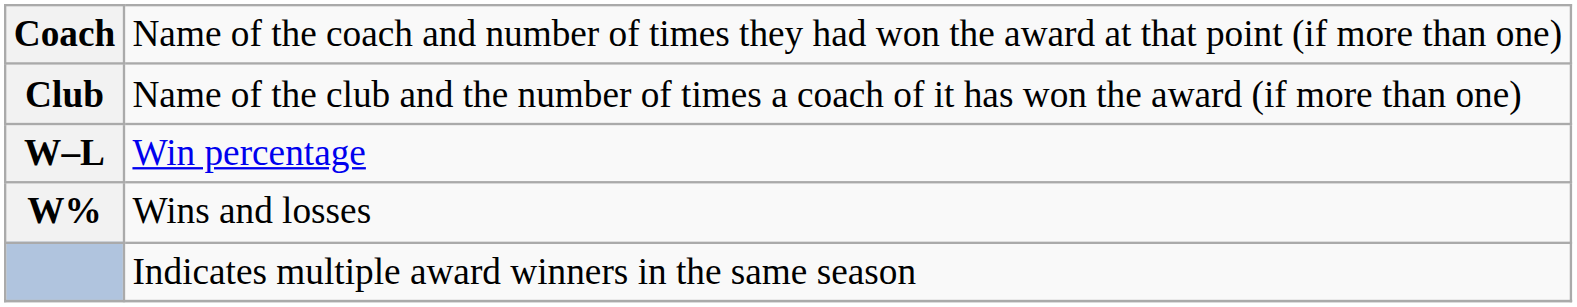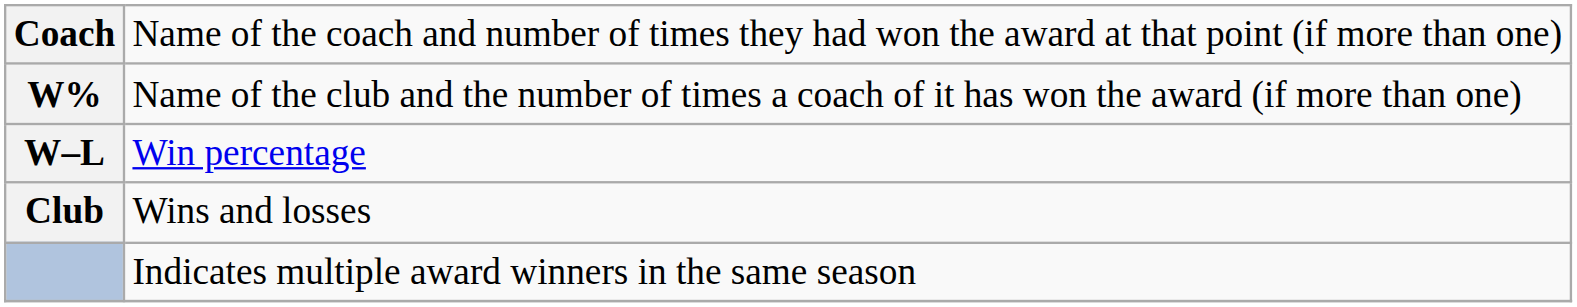 <table class="wikitable">
 <tr>
 <th scope="row">Coach </th>
 <td>Name of the coach and number of times they had won the award at that point (if more than one)</td>
 </tr>
 <tr>
-<th scope="row">Club </th>
+<th scope="row">W%</th>
 <td>Name of the club and the number of times a coach of it has won the award (if more than one)</td>
 </tr>
 <tr>
 <th scope="row">W–L</th>
 <td><a href='#'>Win percentage</a></td>
 </tr>
 <tr>
-<th scope="row">W%</th>
+<th scope="row">Club </th>
 <td>Wins and losses</td>
 </tr>
 <tr>
 <th scope="row" style="text-align:center; background:#B0C4DE"></th>
 <td>Indicates multiple award winners in the same season</td>
 </tr>
 <tr>
 </tr>
 </table>
